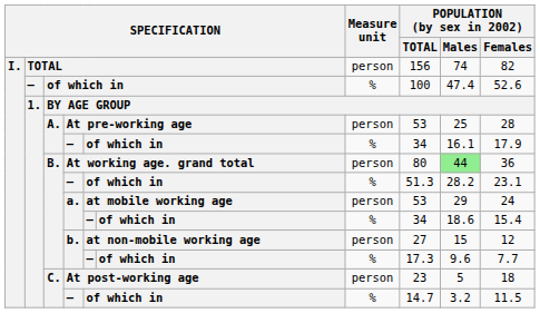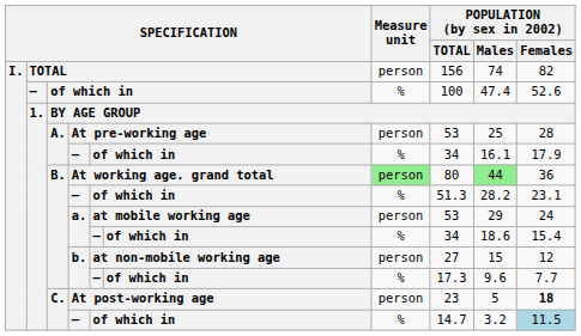 <table class="wikitable" style="font-size:85%; text-align:center">
 <tr>
 <th rowspan="2" colspan="6">SPECIFICATION</th>
 <th rowspan="2">Measure<br> unit</th>
 <th colspan="3" rowspan="1">POPULATION<br> (by sex in 2002)</th>
 </tr>
 <tr>
 <th>TOTAL</th>
 <th>Males</th>
 <th>Females</th>
 </tr>
 <tr>
 <th style="text-align:left" valign="top" rowspan="13">I.</th>
 <th style="text-align:left" colspan="5">TOTAL</th>
 <td>person</td>
 <td>156</td>
 <td>74</td>
 <td>82</td>
 </tr>
 <tr>
 <th style="text-align:left" valign="top">—</th>
 <th style="text-align:left" colspan="4">of which in</th>
 <td>%</td>
 <td>100</td>
 <td>47.4</td>
 <td>52.6</td>
 </tr>
 <tr>
 <th style="text-align:left" valign="top" rowspan="11">1.</th>
 <th style="text-align:left" colspan="19">BY AGE GROUP</th>
 </tr>
 <tr>
 <th style="text-align:left" valign="top" rowspan="2">A.</th>
 <th style="text-align:left" colspan="3">At pre-working age</th>
 <td>person</td>
 <td>53</td>
 <td>25</td>
 <td>28</td>
 </tr>
 <tr>
 <th style="text-align:left" valign="top">—</th>
 <th style="text-align:left" valign="top" colspan="2">of which in</th>
 <td>%</td>
 <td>34</td>
 <td>16.1</td>
 <td>17.9</td>
 </tr>
 <tr>
 <th style="text-align:left" valign="top" rowspan="6">B.</th>
 <th style="text-align:left" colspan="3">At working age. grand total</th>
-<td>person</td>
+<td style="background: lightgreen;">person</td>
 <td>80</td>
 <td style="background: lightgreen;">44</td>
 <td>36</td>
 </tr>
 <tr>
 <th style="text-align:left" valign="top">—</th>
 <th style="text-align:left" valign="top" colspan="2">of which in</th>
 <td>%</td>
 <td>51.3</td>
 <td>28.2</td>
 <td>23.1</td>
 </tr>
 <tr>
 <th style="text-align:left" valign="top" rowspan="2">a.</th>
 <th style="text-align:left" colspan="2">at mobile working age</th>
 <td>person</td>
 <td>53</td>
 <td>29</td>
 <td>24</td>
 </tr>
 <tr>
 <th style="text-align:left" valign="top">—</th>
 <th style="text-align:left" valign="top" colspan="1">of which in                        </th>
 <td>%</td>
 <td>34</td>
 <td>18.6</td>
 <td>15.4</td>
 </tr>
 <tr>
 <th style="text-align:left" valign="top" rowspan="2">b.</th>
 <th style="text-align:left" colspan="2">at non-mobile working age</th>
 <td>person</td>
 <td>27</td>
 <td>15</td>
 <td>12</td>
 </tr>
 <tr>
 <th style="text-align:left" valign="top">—</th>
 <th style="text-align:left" valign="top" colspan="1">of which in                        </th>
 <td>%</td>
 <td>17.3</td>
 <td>9.6</td>
 <td>7.7</td>
 </tr>
 <tr>
 <th style="text-align:left" valign="top" rowspan="2">C.</th>
 <th style="text-align:left" colspan="3">At post-working age</th>
 <td>person</td>
 <td>23</td>
 <td>5</td>
-<td>18</td>
+<td><strong>18</strong></td>
 </tr>
 <tr>
 <th style="text-align:left" valign="top">—</th>
 <th style="text-align:left" valign="top" colspan="2">of which in</th>
 <td>%</td>
 <td>14.7</td>
 <td>3.2</td>
-<td>11.5</td>
+<td style="background: lightblue;">11.5</td>
 </tr>
 </table>
